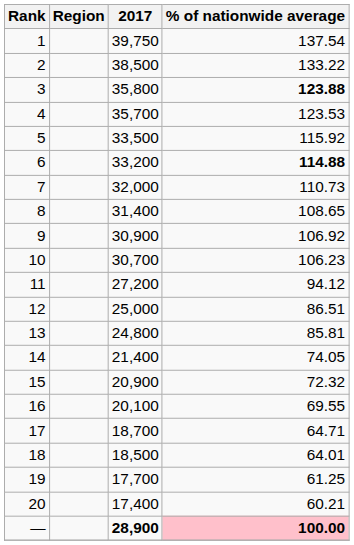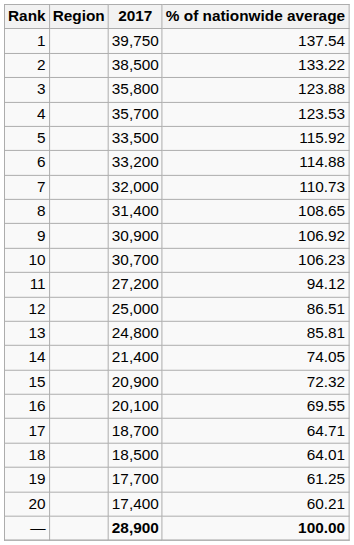 <table class="wikitable sortable" style="text-align: right">
 <tr>
 <th data-sort-type="number">Rank</th>
 <th>Region</th>
 <th>2017</th>
 <th>% of nationwide average</th>
 </tr>
 <tr>
 <td>1</td>
 <td align="left"></td>
 <td>39,750</td>
 <td>137.54</td>
 </tr>
 <tr>
 <td>2</td>
 <td align="left"></td>
 <td>38,500</td>
 <td>133.22</td>
 </tr>
 <tr>
 <td>3</td>
 <td align="left"></td>
 <td>35,800</td>
-<td><strong>123.88</strong></td>
+<td>123.88</td>
 </tr>
 <tr>
 <td>4</td>
 <td align="left"></td>
 <td>35,700</td>
 <td>123.53</td>
 </tr>
 <tr>
 <td>5</td>
 <td align="left"></td>
 <td>33,500</td>
 <td>115.92</td>
 </tr>
 <tr>
 <td>6</td>
 <td align="left"></td>
 <td>33,200</td>
-<td><strong>114.88</strong></td>
+<td>114.88</td>
 </tr>
 <tr>
 <td>7</td>
 <td align="left"></td>
 <td>32,000</td>
 <td>110.73</td>
 </tr>
 <tr>
 <td>8</td>
 <td align="left"></td>
 <td>31,400</td>
 <td>108.65</td>
 </tr>
 <tr>
 <td>9</td>
 <td align="left"></td>
 <td>30,900</td>
 <td>106.92</td>
 </tr>
 <tr>
 <td>10</td>
 <td align="left"></td>
 <td>30,700</td>
 <td>106.23</td>
 </tr>
 <tr>
 <td>11</td>
 <td align="left"></td>
 <td>27,200</td>
 <td>94.12</td>
 </tr>
 <tr>
 <td>12</td>
 <td align="left"></td>
 <td>25,000</td>
 <td>86.51</td>
 </tr>
 <tr>
 <td>13</td>
 <td align="left"></td>
 <td>24,800</td>
 <td>85.81</td>
 </tr>
 <tr>
 <td>14</td>
 <td align="left"></td>
 <td>21,400</td>
 <td>74.05</td>
 </tr>
 <tr>
 <td>15</td>
 <td align="left"></td>
 <td>20,900</td>
 <td>72.32</td>
 </tr>
 <tr>
 <td>16</td>
 <td align="left"></td>
 <td>20,100</td>
 <td>69.55</td>
 </tr>
 <tr>
 <td>17</td>
 <td align="left"></td>
 <td>18,700</td>
 <td>64.71</td>
 </tr>
 <tr>
 <td>18</td>
 <td align="left"></td>
 <td>18,500</td>
 <td>64.01</td>
 </tr>
 <tr>
 <td>19</td>
 <td align="left"></td>
 <td>17,700</td>
 <td>61.25</td>
 </tr>
 <tr>
 <td>20</td>
 <td align="left"></td>
 <td>17,400</td>
 <td>60.21</td>
 </tr>
 <tr>
 <td>—</td>
 <td align="left"></td>
 <td><strong>28,900</strong></td>
-<td style="background: pink;"><strong>100.00</strong></td>
+<td><strong>100.00</strong></td>
 </tr>
 <tr>
 </tr>
 </table>
